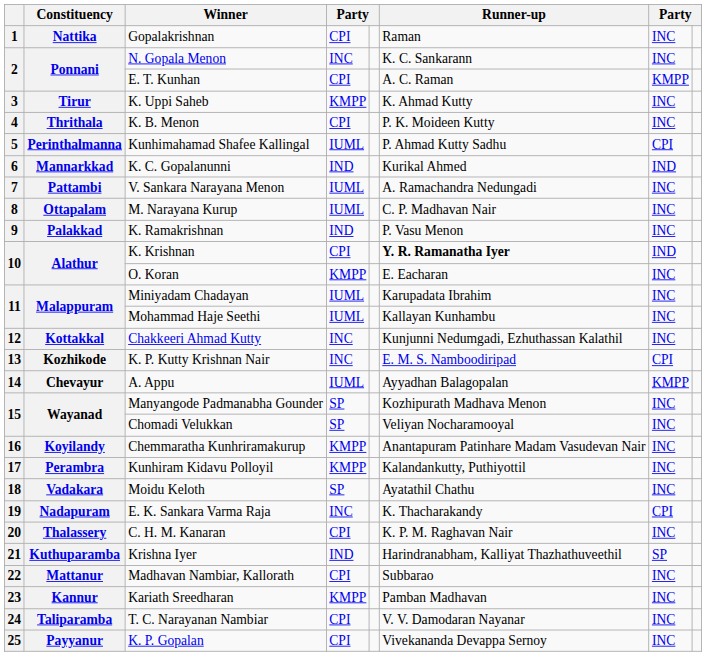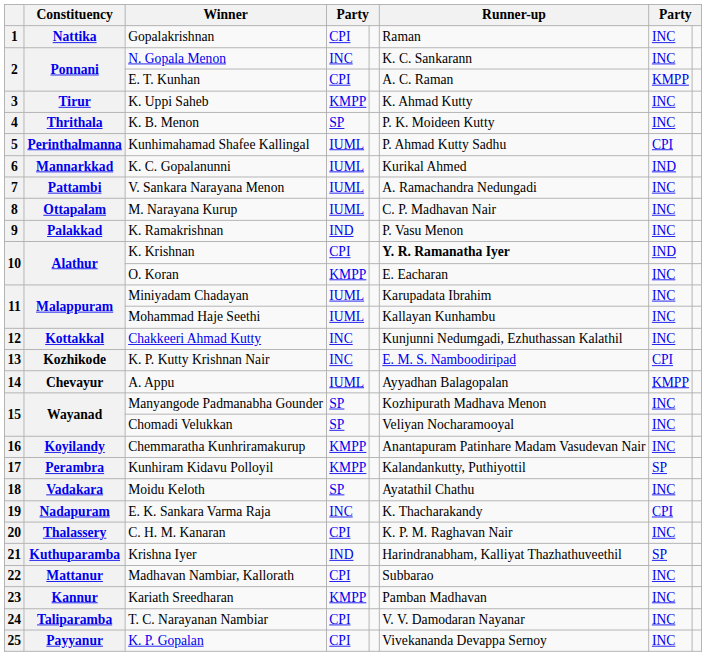 <table class="wikitable sortable" border="1">
 <tr>
 <th></th>
 <th>Constituency</th>
 <th>Winner</th>
 <th colspan="2">Party</th>
 <th>Runner-up</th>
 <th colspan="2">Party</th>
 </tr>
 <tr>
 <th>1</th>
 <th><a href='#'>Nattika</a></th>
 <td>Gopalakrishnan</td>
 <td><a href='#'>CPI</a></td>
 <td width="4px" style="background-color: "></td>
 <td>Raman</td>
 <td><a href='#'>INC</a></td>
 <td width="4px" style="background-color: "></td>
 </tr>
 <tr>
 <th rowspan="2">2</th>
 <th rowspan="2"><a href='#'>Ponnani</a></th>
 <td><a href='#'>N. Gopala Menon</a></td>
 <td><a href='#'>INC</a></td>
 <td width="4px" style="background-color: "></td>
 <td>K. C. Sankarann</td>
 <td><a href='#'>INC</a></td>
 <td width="4px" style="background-color: "><br></td>
 </tr>
 <tr>
 <td>E. T. Kunhan</td>
 <td><a href='#'>CPI</a></td>
 <td width="4px" style="background-color: "></td>
 <td>A. C. Raman</td>
 <td><a href='#'>KMPP</a></td>
 <td width="4px" style="background-color: "></td>
 </tr>
 <tr>
 <th>3</th>
 <th><a href='#'>Tirur</a></th>
 <td>K. Uppi Saheb</td>
 <td><a href='#'>KMPP</a></td>
 <td width="4px" style="background-color: "></td>
 <td>K. Ahmad Kutty</td>
 <td><a href='#'>INC</a></td>
 <td width="4px" style="background-color: "></td>
 </tr>
 <tr>
 <th>4</th>
 <th><a href='#'>Thrithala</a></th>
 <td>K. B. Menon</td>
-<td><a href='#'>CPI</a></td>
+<td><a href='#'>SP</a></td>
 <td width="4px" style="background-color: "></td>
 <td>P. K. Moideen Kutty</td>
 <td><a href='#'>INC</a></td>
 <td width="4px" style="background-color: "></td>
 </tr>
 <tr>
 <th>5</th>
 <th><a href='#'>Perinthalmanna</a></th>
 <td>Kunhimahamad Shafee Kallingal</td>
 <td><a href='#'>IUML</a></td>
 <td width="4px" style="background-color: "></td>
 <td>P. Ahmad Kutty Sadhu</td>
 <td><a href='#'>CPI</a></td>
 <td width="4px" style="background-color: "></td>
 </tr>
 <tr>
 <th>6</th>
 <th><a href='#'>Mannarkkad</a></th>
 <td>K. C. Gopalanunni</td>
-<td><a href='#'>IND</a></td>
+<td><a href='#'>IUML</a></td>
 <td width="4px" style="background-color: "></td>
 <td>Kurikal Ahmed</td>
 <td><a href='#'>IND</a></td>
 <td width="4px" style="background-color: "></td>
 </tr>
 <tr>
 <th>7</th>
 <th><a href='#'>Pattambi</a></th>
 <td>V. Sankara Narayana Menon</td>
 <td><a href='#'>IUML</a></td>
 <td width="4px" style="background-color: "></td>
 <td>A. Ramachandra Nedungadi</td>
 <td><a href='#'>INC</a></td>
 <td width="4px" style="background-color: "></td>
 </tr>
 <tr>
 <th>8</th>
 <th><a href='#'>Ottapalam</a></th>
 <td>M. Narayana Kurup</td>
 <td><a href='#'>IUML</a></td>
 <td width="4px" style="background-color: "></td>
 <td>C. P. Madhavan Nair</td>
 <td><a href='#'>INC</a></td>
 <td width="4px" style="background-color: "></td>
 </tr>
 <tr>
 <th>9</th>
 <th><a href='#'>Palakkad</a></th>
 <td>K. Ramakrishnan</td>
 <td><a href='#'>IND</a></td>
 <td width="4px" style="background-color: "></td>
 <td>P. Vasu Menon</td>
 <td><a href='#'>INC</a></td>
 <td width="4px" style="background-color: "></td>
 </tr>
 <tr>
 <th rowspan="2">10</th>
 <th rowspan="2"><a href='#'>Alathur</a></th>
 <td>K. Krishnan</td>
 <td><a href='#'>CPI</a></td>
 <td width="4px" style="background-color: "></td>
 <td><strong>Y. R. Ramanatha Iyer</strong></td>
 <td><a href='#'>IND</a></td>
 <td width="4px" style="background-color: "></td>
 </tr>
 <tr>
 <td>O. Koran</td>
 <td><a href='#'>KMPP</a></td>
 <td width="4px" style="background-color: "></td>
 <td>E. Eacharan</td>
 <td><a href='#'>INC</a></td>
 <td width="4px" style="background-color: "></td>
 </tr>
 <tr>
 <th rowspan="2">11</th>
 <th rowspan="2"><a href='#'>Malappuram</a></th>
 <td>Miniyadam Chadayan</td>
 <td><a href='#'>IUML</a></td>
 <td width="4px" style="background-color: "></td>
 <td>Karupadata Ibrahim</td>
 <td><a href='#'>INC</a></td>
 <td width="4px" style="background-color: "></td>
 </tr>
 <tr>
 <td>Mohammad Haje Seethi</td>
 <td><a href='#'>IUML</a></td>
 <td width="4px" style="background-color: "></td>
 <td>Kallayan Kunhambu</td>
 <td><a href='#'>INC</a></td>
 <td width="4px" style="background-color: "></td>
 </tr>
 <tr>
 <th>12</th>
 <th><a href='#'>Kottakkal</a></th>
 <td><a href='#'>Chakkeeri Ahmad Kutty</a></td>
 <td><a href='#'>INC</a></td>
 <td width="4px" style="background-color: "></td>
 <td>Kunjunni Nedumgadi, Ezhuthassan Kalathil</td>
 <td><a href='#'>INC</a></td>
 <td width="4px" style="background-color: "></td>
 </tr>
 <tr>
 <th>13</th>
 <th>Kozhikode</th>
 <td>K. P. Kutty Krishnan Nair</td>
 <td><a href='#'>INC</a></td>
 <td width="4px" style="background-color: "></td>
 <td><a href='#'>E. M. S. Namboodiripad</a></td>
 <td><a href='#'>CPI</a></td>
 <td width="4px" style="background-color: "></td>
 </tr>
 <tr>
 <th>14</th>
 <th>Chevayur</th>
 <td>A. Appu</td>
 <td><a href='#'>IUML</a></td>
 <td width="4px" style="background-color: "></td>
 <td>Ayyadhan Balagopalan</td>
 <td><a href='#'>KMPP</a></td>
 <td width="4px" style="background-color: "></td>
 </tr>
 <tr>
 <th rowspan="2">15</th>
 <th rowspan="2">Wayanad</th>
 <td>Manyangode Padmanabha Gounder</td>
 <td><a href='#'>SP</a></td>
 <td width="4px" style="background-color: "></td>
 <td>Kozhipurath Madhava Menon</td>
 <td><a href='#'>INC</a></td>
 <td width="4px" style="background-color: "></td>
 </tr>
 <tr>
 <td>Chomadi Velukkan</td>
 <td><a href='#'>SP</a></td>
 <td width="4px" style="background-color: "></td>
 <td>Veliyan Nocharamooyal</td>
 <td><a href='#'>INC</a></td>
 <td width="4px" style="background-color: "></td>
 </tr>
 <tr>
 <th>16</th>
 <th><a href='#'>Koyilandy</a></th>
 <td>Chemmaratha Kunhriramakurup</td>
 <td><a href='#'>KMPP</a></td>
 <td width="4px" style="background-color: "></td>
 <td>Anantapuram Patinhare Madam Vasudevan Nair</td>
 <td><a href='#'>INC</a></td>
 <td width="4px" style="background-color: "></td>
 </tr>
 <tr>
 <th>17</th>
 <th><a href='#'>Perambra</a></th>
 <td>Kunhiram Kidavu Polloyil</td>
 <td><a href='#'>KMPP</a></td>
 <td width="4px" style="background-color: "></td>
 <td>Kalandankutty, Puthiyottil</td>
-<td><a href='#'>INC</a></td>
+<td><a href='#'>SP</a></td>
 <td width="4px" style="background-color: "></td>
 </tr>
 <tr>
 <th>18</th>
 <th><a href='#'>Vadakara</a></th>
 <td>Moidu Keloth</td>
 <td><a href='#'>SP</a></td>
 <td width="4px" style="background-color: "></td>
 <td>Ayatathil Chathu</td>
 <td><a href='#'>INC</a></td>
 <td width="4px" style="background-color: "></td>
 </tr>
 <tr>
 <th>19</th>
 <th><a href='#'>Nadapuram</a></th>
 <td>E. K. Sankara Varma Raja</td>
 <td><a href='#'>INC</a></td>
 <td width="4px" style="background-color: "></td>
 <td>K. Thacharakandy</td>
 <td><a href='#'>CPI</a></td>
 <td width="4px" style="background-color: "></td>
 </tr>
 <tr>
 <th>20</th>
 <th><a href='#'>Thalassery</a></th>
 <td>C. H. M. Kanaran</td>
 <td><a href='#'>CPI</a></td>
 <td width="4px" style="background-color: "></td>
 <td>K. P. M. Raghavan Nair</td>
 <td><a href='#'>INC</a></td>
 <td width="4px" style="background-color: "></td>
 </tr>
 <tr>
 <th>21</th>
 <th><a href='#'>Kuthuparamba</a></th>
 <td>Krishna Iyer</td>
 <td><a href='#'>IND</a></td>
 <td width="4px" style="background-color: "></td>
 <td>Harindranabham, Kalliyat Thazhathuveethil</td>
 <td><a href='#'>SP</a></td>
 <td width="4px" style="background-color: "></td>
 </tr>
 <tr>
 <th>22</th>
 <th><a href='#'>Mattanur</a></th>
 <td>Madhavan Nambiar, Kallorath</td>
 <td><a href='#'>CPI</a></td>
 <td width="4px" style="background-color: "></td>
 <td>Subbarao</td>
 <td><a href='#'>INC</a></td>
 <td width="4px" style="background-color: "></td>
 </tr>
 <tr>
 <th>23</th>
 <th><a href='#'>Kannur</a></th>
 <td>Kariath Sreedharan</td>
 <td><a href='#'>KMPP</a></td>
 <td width="4px" style="background-color: "></td>
 <td>Pamban Madhavan</td>
 <td><a href='#'>INC</a></td>
 <td width="4px" style="background-color: "></td>
 </tr>
 <tr>
 <th>24</th>
 <th><a href='#'>Taliparamba</a></th>
 <td>T. C. Narayanan Nambiar</td>
 <td><a href='#'>CPI</a></td>
 <td width="4px" style="background-color: "></td>
 <td>V. V. Damodaran Nayanar</td>
 <td><a href='#'>INC</a></td>
 <td width="4px" style="background-color: "></td>
 </tr>
 <tr>
 <th>25</th>
 <th><a href='#'>Payyanur</a></th>
 <td><a href='#'>K. P. Gopalan</a></td>
 <td><a href='#'>CPI</a></td>
 <td width="4px" style="background-color: "></td>
 <td>Vivekananda Devappa Sernoy</td>
 <td><a href='#'>INC</a></td>
 <td width="4px" style="background-color: "></td>
 </tr>
 </table>
